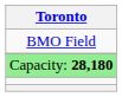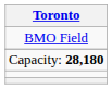 <table class="wikitable" style="margin:1em auto; text-align:center;">
 <tr>
 <th><a href='#'>Toronto</a></th>
 </tr>
 <tr>
 <td><a href='#'>BMO Field</a></td>
 </tr>
 <tr>
 </tr>
 <tr>
-<td style="background: lightgreen;">Capacity: <strong>28,180</strong></td>
+<td>Capacity: <strong>28,180</strong></td>
 </tr>
 <tr>
 <td></td>
 </tr>
 <tr>
 <th><div></div></th>
 </tr>
 </table>
